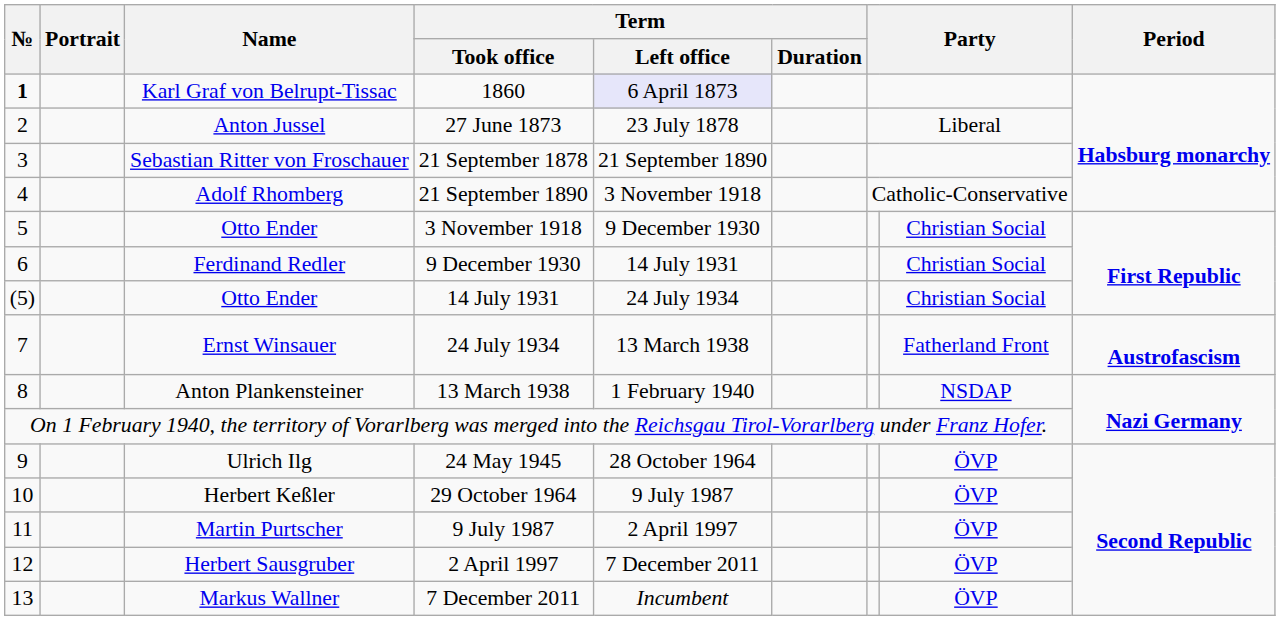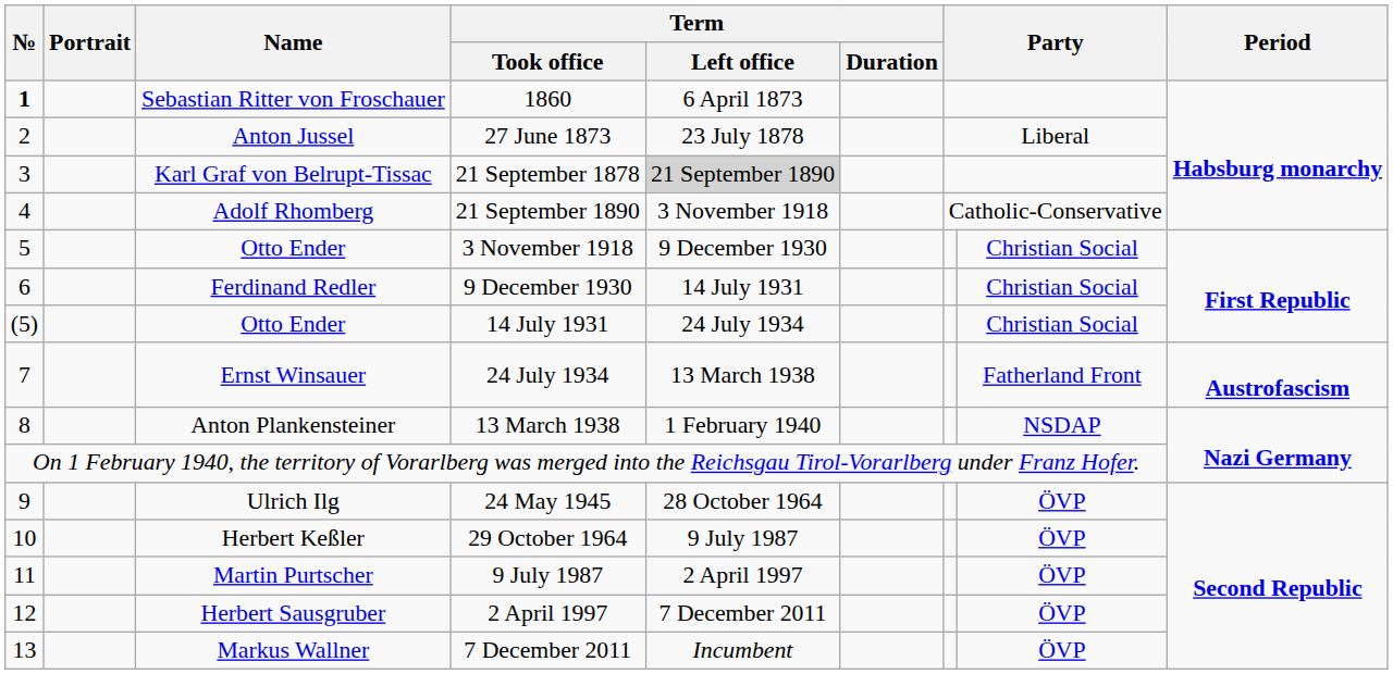 <table class="wikitable" style="text-align:center">
 <tr>
 <th rowspan="2">№</th>
 <th rowspan="2">Portrait</th>
 <th rowspan="2">Name</th>
 <th colspan="3">Term</th>
 <th colspan="2" rowspan="2">Party</th>
 <th rowspan="2">Period</th>
 </tr>
 <tr>
 <th>Took office</th>
 <th>Left office</th>
 <th>Duration</th>
 </tr>
 <tr>
 <td><strong>1</strong></td>
 <td></td>
-<td><a href='#'>Karl Graf von Belrupt-Tissac</a></td>
+<td><a href='#'>Sebastian Ritter von Froschauer</a></td>
 <td>1860</td>
-<td style="background: lavender;">6 April 1873</td>
+<td>6 April 1873</td>
 <td></td>
 <td colspan="2"> </td>
 <td rowspan="4"><br><strong><a href='#'>Habsburg monarchy</a></strong><br></td>
 </tr>
 <tr>
 <td>2</td>
 <td></td>
 <td><a href='#'>Anton Jussel</a></td>
 <td>27 June 1873</td>
 <td>23 July 1878</td>
 <td></td>
 <td colspan="2">Liberal</td>
 </tr>
 <tr>
 <td>3</td>
 <td></td>
-<td><a href='#'>Sebastian Ritter von Froschauer</a></td>
+<td><a href='#'>Karl Graf von Belrupt-Tissac</a></td>
 <td>21 September 1878</td>
-<td>21 September 1890</td>
+<td style="background: lightgrey;">21 September 1890</td>
 <td></td>
 <td colspan="2"> </td>
 </tr>
 <tr>
 <td>4</td>
 <td></td>
 <td><a href='#'>Adolf Rhomberg</a></td>
 <td>21 September 1890</td>
 <td>3 November 1918</td>
 <td></td>
 <td colspan="2">Catholic-Conservative</td>
 </tr>
 <tr>
 <td>5</td>
 <td></td>
 <td><a href='#'>Otto Ender</a></td>
 <td>3 November 1918</td>
 <td>9 December 1930</td>
 <td></td>
 <td style="background:"></td>
 <td><a href='#'>Christian Social</a></td>
 <td rowspan="3"><br><strong><a href='#'>First Republic</a></strong><br></td>
 </tr>
 <tr>
 <td>6</td>
 <td></td>
 <td><a href='#'>Ferdinand Redler</a></td>
 <td>9 December 1930</td>
 <td>14 July 1931</td>
 <td></td>
 <td style="background:"></td>
 <td><a href='#'>Christian Social</a></td>
 </tr>
 <tr>
 <td>(5)</td>
 <td></td>
 <td><a href='#'>Otto Ender</a></td>
 <td>14 July 1931</td>
 <td>24 July 1934</td>
 <td></td>
 <td style="background:"></td>
 <td><a href='#'>Christian Social</a></td>
 </tr>
 <tr>
 <td>7</td>
 <td></td>
 <td><a href='#'>Ernst Winsauer</a></td>
 <td>24 July 1934</td>
 <td>13 March 1938</td>
 <td></td>
 <td style="background:"></td>
 <td><a href='#'>Fatherland Front</a></td>
 <td><br><strong><a href='#'>Austrofascism</a></strong><br></td>
 </tr>
 <tr>
 <td>8</td>
 <td></td>
 <td>Anton Plankensteiner<br></td>
 <td>13 March 1938</td>
 <td>1 February 1940</td>
 <td></td>
 <td style="background:"></td>
 <td><a href='#'>NSDAP</a></td>
 <td rowspan="2"><br><strong><a href='#'>Nazi Germany</a></strong><br></td>
 </tr>
 <tr>
 <td colspan="8"><em>On 1 February 1940, the territory of Vorarlberg was merged into the <a href='#'>Reichsgau Tirol-Vorarlberg</a> under <a href='#'>Franz Hofer</a>.</em></td>
 </tr>
 <tr>
 <td>9</td>
 <td></td>
 <td>Ulrich Ilg</td>
 <td>24 May 1945</td>
 <td>28 October 1964</td>
 <td></td>
 <td style="background:"></td>
 <td><a href='#'>ÖVP</a></td>
 <td rowspan="5"><br><strong><a href='#'>Second Republic</a></strong><br></td>
 </tr>
 <tr>
 <td>10</td>
 <td></td>
 <td>Herbert Keßler</td>
 <td>29 October 1964</td>
 <td>9 July 1987</td>
 <td></td>
 <td style="background:"></td>
 <td><a href='#'>ÖVP</a></td>
 </tr>
 <tr>
 <td>11</td>
 <td></td>
 <td><a href='#'>Martin Purtscher</a></td>
 <td>9 July 1987</td>
 <td>2 April 1997</td>
 <td></td>
 <td style="background:"></td>
 <td><a href='#'>ÖVP</a></td>
 </tr>
 <tr>
 <td>12</td>
 <td></td>
 <td><a href='#'>Herbert Sausgruber</a></td>
 <td>2 April 1997</td>
 <td>7 December 2011</td>
 <td></td>
 <td style="background:"></td>
 <td><a href='#'>ÖVP</a></td>
 </tr>
 <tr>
 <td>13</td>
 <td></td>
 <td><a href='#'>Markus Wallner</a></td>
 <td>7 December 2011</td>
 <td><em>Incumbent</em></td>
 <td></td>
 <td style="background:"></td>
 <td><a href='#'>ÖVP</a></td>
 </tr>
 </table>
